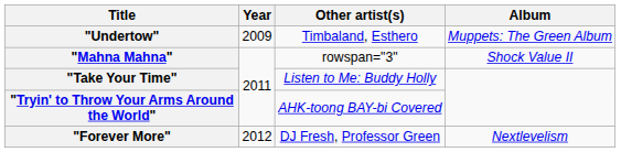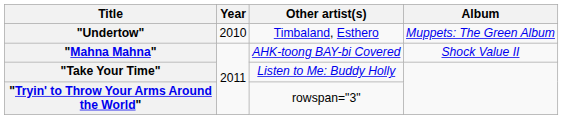 <table class="wikitable plainrowheaders" style="text-align:center;" border="1">
 <tr>
 <th scope="col" style="width:17em;">Title</th>
 <th scope="col">Year</th>
 <th scope="col">Other artist(s)</th>
 <th scope="col">Album</th>
 </tr>
 <tr>
 <th scope="row">"Undertow"</th>
-<td>2009</td>
+<td>2010</td>
 <td><a href='#'>Timbaland</a>, <a href='#'>Esthero</a></td>
 <td><em><a href='#'>Muppets: The Green Album</a></em></td>
 </tr>
 <tr>
 <th scope="row">"<a href='#'>Mahna Mahna</a>"</th>
 <td rowspan="3">2011</td>
-<td>rowspan="3" </td>
+<td><em><a href='#'>AHK-toong BAY-bi Covered</a></em></td>
 <td><em><a href='#'>Shock Value II</a></em></td>
 </tr>
 <tr>
 <th scope="row">"Take Your Time"</th>
 <td><em><a href='#'>Listen to Me: Buddy Holly</a></em></td>
 </tr>
 <tr>
 <th scope="row">"<a href='#'>Tryin' to Throw Your Arms Around the World</a>"</th>
-<td><em><a href='#'>AHK-toong BAY-bi Covered</a></em></td>
-</tr>
-<tr>
-<th scope="row">"Forever More"</th>
-<td>2012</td>
-<td><a href='#'>DJ Fresh</a>, <a href='#'>Professor Green</a></td>
-<td><em><a href='#'>Nextlevelism</a></em></td>
+<td>rowspan="3" </td>
 </tr>
 </table>
